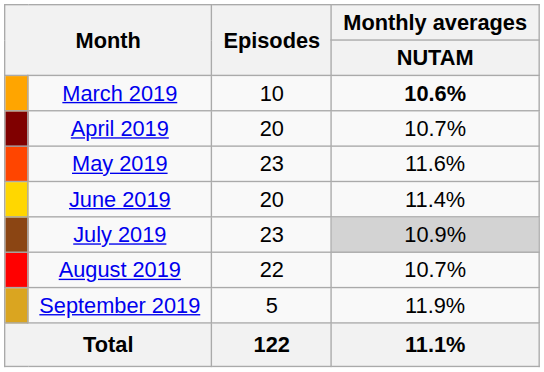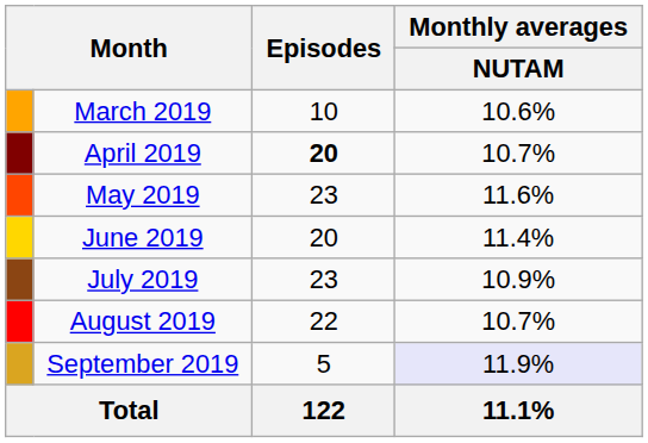 <table class="wikitable plainrowheaders" style="text-align: center; line-height:25px;">
 <tr class="wikitable" style="text-align: center;">
 <th colspan="2" rowspan="2" style="padding: 0 8px;">Month</th>
 <th rowspan="2" style="padding: 0 8px;">Episodes</th>
 <th colspan="2" style="padding: 0 8px;">Monthly averages</th>
 </tr>
 <tr>
 <th style="padding: 0 8px;">NUTAM</th>
 </tr>
 <tr>
 <td style="padding: 0 8px; background:#FFA500;"></td>
 <td style="padding: 0 8px;" '><a href='#'>March 2019</a></td>
 <td style="padding: 0 8px;">10</td>
-<td style="padding: 0 8px;"><strong>10.6%</strong></td>
+<td style="padding: 0 8px;">10.6%</td>
 </tr>
 <tr>
 <td style="padding: 0 8px; background:#800000;"></td>
 <td style="padding: 0 8px;" '><a href='#'>April 2019</a></td>
-<td style="padding: 0 8px;">20</td>
+<td style="padding: 0 8px;"><strong>20</strong></td>
 <td style="padding: 0 8px;">10.7%</td>
 </tr>
 <tr>
 <td style="padding: 0 8px; background:#FF4500;"></td>
 <td style="padding: 0 8px;" '><a href='#'>May 2019</a></td>
 <td style="padding: 0 8px;">23</td>
 <td style="padding: 0 8px;">11.6%</td>
 </tr>
 <tr>
 <td style="padding: 0 8px; background:#FFD700;"></td>
 <td style="padding: 0 8px;" '><a href='#'>June 2019</a></td>
 <td style="padding: 0 8px;">20</td>
 <td style="padding: 0 8px;">11.4%</td>
 </tr>
 <tr>
 <td style="padding: 0 8px; background:#8B4513;"></td>
 <td style="padding: 0 8px;" '><a href='#'>July 2019</a></td>
 <td style="padding: 0 8px;">23</td>
-<td style="background: lightgrey; padding: 0 8px;">10.9%</td>
+<td style="padding: 0 8px;">10.9%</td>
 </tr>
 <tr>
 <td style="padding: 0 8px; background:#FF0000;"></td>
 <td style="padding: 0 8px;" '><a href='#'>August 2019</a></td>
 <td style="padding: 0 8px;">22</td>
 <td style="padding: 0 8px;">10.7%</td>
 </tr>
 <tr>
 <td style="padding: 0 8px; background:#DAA520;"></td>
 <td style="padding: 0 8px;" '><a href='#'>September 2019</a></td>
 <td style="padding: 0 8px;">5</td>
-<td style="padding: 0 8px;">11.9%</td>
+<td style="background: lavender; padding: 0 8px;">11.9%</td>
 </tr>
 <tr>
 <th colspan="2">Total</th>
 <th colspan="1">122</th>
 <th colspan="2">11.1%</th>
 </tr>
 </table>
